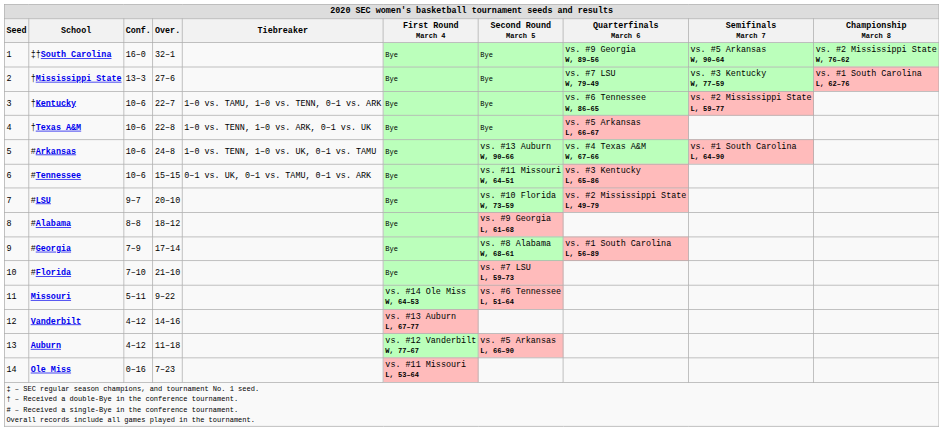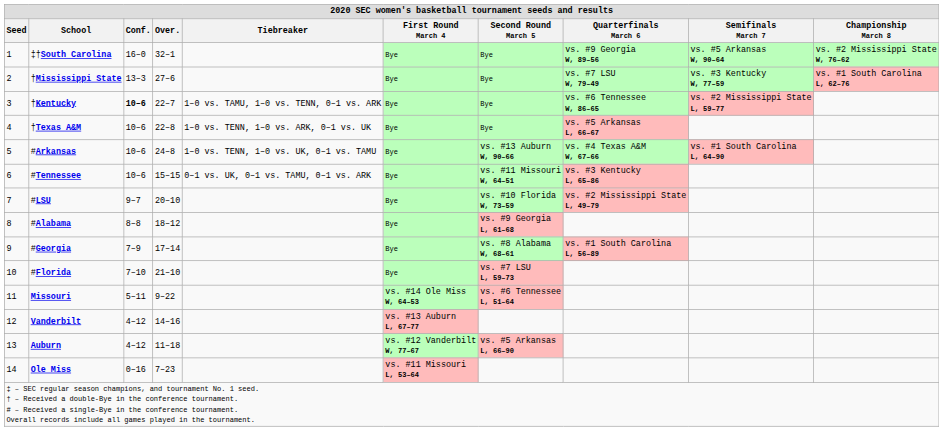 <table class="wikitable" style="white-space:nowrap; font-size:90%;">
 <tr>
 <td colspan="10" style="text-align:center; background:#DDDDDD; font:#000000"><strong>2020 SEC women's basketball tournament seeds and results</strong></td>
 </tr>
 <tr bgcolor="#efefef">
 <th>Seed</th>
 <th>School</th>
 <th>Conf.</th>
 <th>Over.</th>
 <th>Tiebreaker</th>
 <th>First Round<br><small>March 4</small></th>
 <th>Second Round<br><small>March 5</small></th>
 <th>Quarterfinals<br><small>March 6</small></th>
 <th>Semifinals<br><small>March 7</small></th>
 <th>Championship<br><small>March 8</small></th>
 </tr>
 <tr>
 <td>1</td>
 <td>‡†<strong><a href='#'>South Carolina</a></strong></td>
 <td>16–0</td>
 <td>32–1</td>
 <td></td>
 <td style="background:#bfb;"><small>Bye</small></td>
 <td style="background:#bfb;"><small>Bye</small></td>
 <td style="background:#bfb;">vs. #9 Georgia<br><small><strong>W, 89–56</strong></small></td>
 <td style="background:#bfb;">vs. #5 Arkansas<br><small><strong>W, 90–64</strong></small></td>
 <td style="background:#bfb;">vs. #2 Mississippi State<br><small><strong>W, 76–62</strong></small></td>
 </tr>
 <tr>
 <td>2</td>
 <td>†<strong><a href='#'>Mississippi State</a> </strong></td>
 <td>13–3</td>
 <td>27–6</td>
 <td></td>
 <td style="background:#bfb;"><small>Bye</small></td>
 <td style="background:#bfb;"><small>Bye</small></td>
 <td style="background:#bfb;">vs. #7 LSU<br><small><strong>W, 79–49</strong></small></td>
 <td style="background:#bfb;">vs. #3 Kentucky<br><small><strong>W, 77–59</strong></small></td>
 <td style="background:#fbb;">vs. #1 South Carolina<br><small><strong>L, 62–76</strong></small></td>
 </tr>
 <tr>
 <td>3</td>
 <td>†<strong><a href='#'>Kentucky</a></strong></td>
-<td>10–6</td>
+<td><strong>10–6</strong></td>
 <td>22–7</td>
 <td>1–0 vs. TAMU, 1–0 vs. TENN, 0–1 vs. ARK</td>
 <td style="background:#bfb;"><small>Bye</small></td>
 <td style="background:#bfb;"><small>Bye</small></td>
 <td style="background:#bfb;">vs. #6 Tennessee<br><small><strong>W, 86–65</strong></small></td>
 <td style="background:#fbb;">vs. #2 Mississippi State<br><small><strong>L, 59–77</strong></small></td>
 <td></td>
 </tr>
 <tr>
 <td>4</td>
 <td>†<strong><a href='#'>Texas A&M</a></strong></td>
 <td>10–6</td>
 <td>22–8</td>
 <td>1–0 vs. TENN, 1–0 vs. ARK, 0–1 vs. UK</td>
 <td style="background:#bfb;"><small>Bye</small></td>
 <td style="background:#bfb;"><small>Bye</small></td>
 <td style="background:#fbb;">vs. #5 Arkansas<br><small><strong>L, 66–67</strong></small></td>
 <td></td>
 <td></td>
 </tr>
 <tr>
 <td>5</td>
 <td>#<strong><a href='#'>Arkansas</a></strong></td>
 <td>10–6</td>
 <td>24–8</td>
 <td>1–0 vs. TENN, 1–0 vs. UK, 0–1 vs. TAMU</td>
 <td style="background:#bfb;"><small>Bye</small></td>
 <td style="background:#bfb;">vs. #13 Auburn<br><small><strong>W, 90–66</strong></small></td>
 <td style="background:#bfb;">vs. #4 Texas A&M<br><small><strong>W, 67–66</strong></small></td>
 <td style="background:#fbb;">vs. #1 South Carolina<br><small><strong>L, 64–90</strong></small></td>
 <td></td>
 </tr>
 <tr>
 <td>6</td>
 <td>#<strong><a href='#'>Tennessee</a></strong></td>
 <td>10–6</td>
 <td>15–15</td>
 <td>0–1 vs. UK, 0–1 vs. TAMU, 0–1 vs. ARK</td>
 <td style="background:#bfb;"><small>Bye</small></td>
 <td style="background:#bfb;">vs. #11 Missouri<br><small><strong>W, 64–51</strong></small></td>
 <td style="background:#fbb;">vs. #3 Kentucky<br><small><strong>L, 65–86</strong></small></td>
 <td></td>
 <td></td>
 </tr>
 <tr>
 <td>7</td>
 <td>#<strong><a href='#'>LSU</a></strong></td>
 <td>9–7</td>
 <td>20–10</td>
 <td></td>
 <td style="background:#bfb;"><small>Bye</small></td>
 <td style="background:#bfb;">vs. #10 Florida<br><small><strong>W, 73–59</strong></small></td>
 <td style="background:#fbb;">vs. #2 Mississippi State<br><small><strong>L, 49–79</strong></small></td>
 <td></td>
 <td></td>
 </tr>
 <tr>
 <td>8</td>
 <td>#<strong><a href='#'>Alabama</a></strong></td>
 <td>8–8</td>
 <td>18–12</td>
 <td></td>
 <td style="background:#bfb;"><small>Bye</small></td>
 <td style="background:#fbb;">vs. #9 Georgia<br><small><strong>L, 61–68</strong></small></td>
 <td></td>
 <td></td>
 <td></td>
 </tr>
 <tr>
 <td>9</td>
 <td>#<strong><a href='#'>Georgia</a></strong></td>
 <td>7–9</td>
 <td>17–14</td>
 <td></td>
 <td style="background:#bfb;"><small>Bye</small></td>
 <td style="background:#bfb;">vs. #8 Alabama<br><small><strong>W, 68–61</strong></small></td>
 <td style="background:#fbb;">vs. #1 South Carolina<br><small><strong>L, 56–89</strong></small></td>
 <td></td>
 <td></td>
 </tr>
 <tr>
 <td>10</td>
 <td>#<strong><a href='#'>Florida</a></strong></td>
 <td>7–10</td>
 <td>21–10</td>
 <td></td>
 <td style="background:#bfb;"><small>Bye</small></td>
 <td style="background:#fbb;">vs. #7 LSU<br><small><strong>L, 59–73</strong></small></td>
 <td></td>
 <td></td>
 <td></td>
 </tr>
 <tr>
 <td>11</td>
 <td><strong><a href='#'>Missouri</a></strong></td>
 <td>5–11</td>
 <td>9–22</td>
 <td></td>
 <td style="background:#bfb;">vs. #14 Ole Miss<br><small><strong>W, 64–53</strong></small></td>
 <td style="background:#fbb;">vs. #6 Tennessee<br><small><strong>L, 51–64</strong></small></td>
 <td></td>
 <td></td>
 <td></td>
 </tr>
 <tr>
 <td>12</td>
 <td><strong><a href='#'>Vanderbilt</a></strong></td>
 <td>4–12</td>
 <td>14–16</td>
 <td></td>
 <td style="background:#fbb;">vs. #13 Auburn<br><small><strong>L, 67–77</strong></small></td>
 <td></td>
 <td></td>
 <td></td>
 <td></td>
 </tr>
 <tr>
 <td>13</td>
 <td><strong><a href='#'>Auburn</a></strong></td>
 <td>4–12</td>
 <td>11–18</td>
 <td></td>
 <td style="background:#bfb;">vs. #12 Vanderbilt<br><small><strong>W, 77–67</strong></small></td>
 <td style="background:#fbb;">vs. #5 Arkansas<br><small><strong>L, 66–90</strong></small></td>
 <td></td>
 <td></td>
 <td></td>
 </tr>
 <tr>
 <td>14</td>
 <td><strong><a href='#'>Ole Miss</a></strong></td>
 <td>0–16</td>
 <td>7–23</td>
 <td></td>
 <td style="background:#fbb;">vs. #11 Missouri<br><small><strong>L, 53–64</strong></small></td>
 <td></td>
 <td></td>
 <td></td>
 <td></td>
 </tr>
 <tr>
 <td colspan="10" style="text-align:left;"><small>‡ – SEC regular season champions, and tournament No. 1 seed.<br>† – Received a double-Bye in the conference tournament.<br># – Received a single-Bye in the conference tournament.<br>Overall records include all games played in the tournament.</small></td>
 </tr>
 </table>
